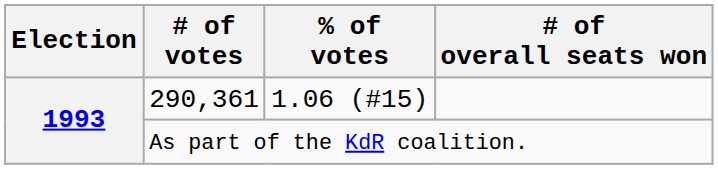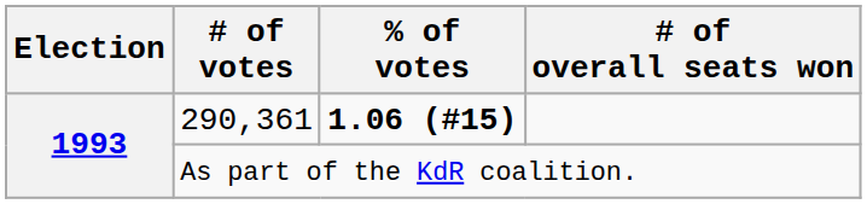 <table class=wikitable>
 <tr>
 <th>Election</th>
 <th># of<br>votes</th>
 <th>% of<br>votes</th>
 <th># of<br>overall seats won</th>
 </tr>
 <tr>
 <th rowspan="2"><a href='#'>1993</a></th>
 <td>290,361</td>
-<td>1.06 (#15)</td>
+<td><strong>1.06 (#15)</strong></td>
 <td></td>
 </tr>
 <tr>
 <td colspan=4><small>As part of the <a href='#'>KdR</a> coalition.</small></td>
 </tr>
 </table>
